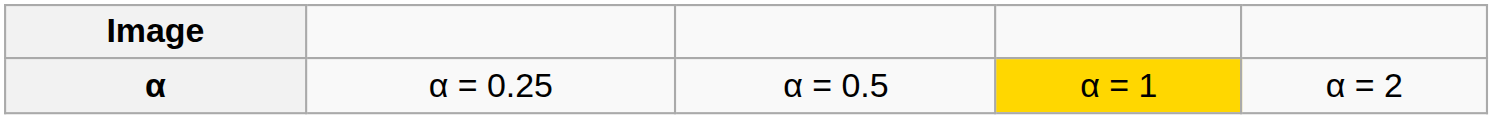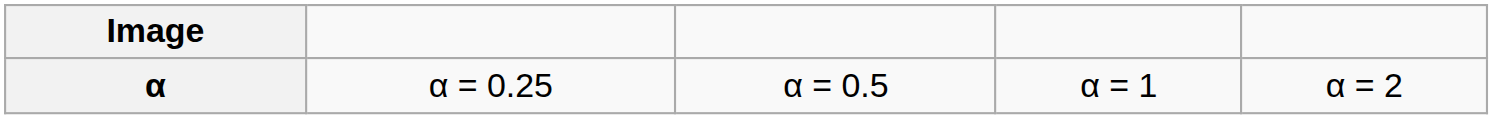 <table class="wikitable" width="700" style="text-align:center;margin: 1em auto 1em auto">
 <tr>
 <th>Image</th>
 <td></td>
 <td></td>
 <td></td>
 <td></td>
 </tr>
 <tr>
 <th>α</th>
 <td>α = 0.25</td>
 <td>α = 0.5</td>
-<td style="background: gold;">α = 1</td>
+<td>α = 1</td>
 <td>α = 2</td>
 </tr>
 </table>
